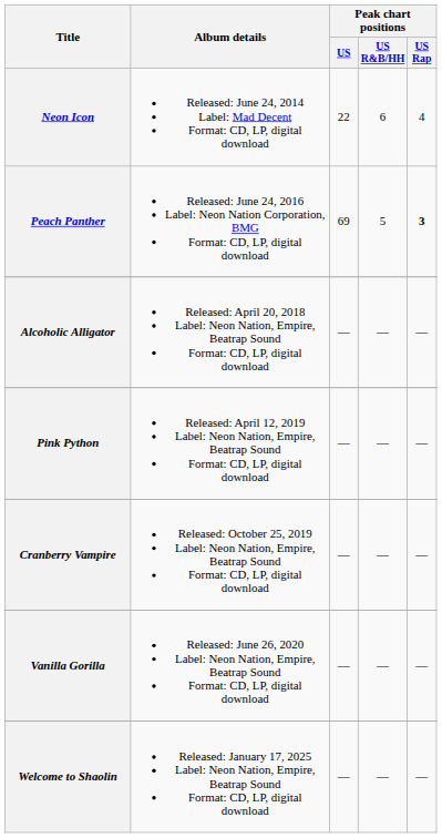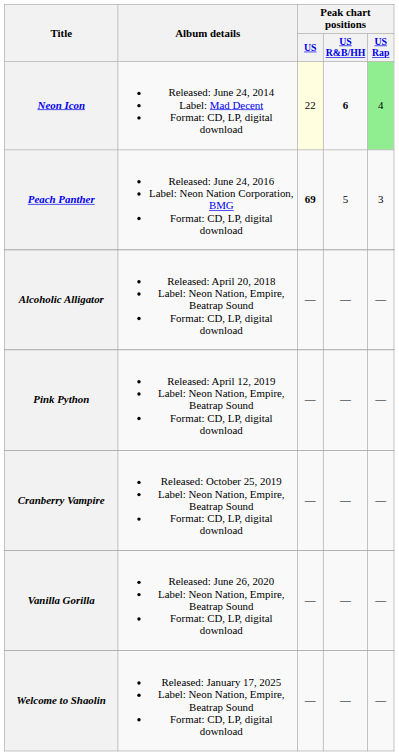 <table class="wikitable plainrowheaders" style="text-align:center;">
 <tr>
 <th scope="col" rowspan="2" style="width:10em;">Title</th>
 <th scope="col" rowspan="2" style="width:16em;">Album details</th>
 <th scope="col" colspan="4">Peak chart positions</th>
 </tr>
 <tr>
 <th scope="col" style="width:2.2em;font-size:90%;"><a href='#'>US</a><br></th>
 <th scope="col" style="width:2.2em;font-size:90%;"><a href='#'>US R&B/HH</a><br></th>
 <th scope="col" style="width:2.2em;font-size:90%;"><a href='#'>US Rap</a><br></th>
 </tr>
 <tr>
 <th scope="row"><em><a href='#'>Neon Icon</a></em></th>
 <td><br><ul><li>Released: June 24, 2014</li><li>Label: <a href='#'>Mad Decent</a></li><li>Format: CD, LP, digital download</li></ul></td>
-<td>22</td>
-<td>6</td>
-<td>4</td>
+<td style="background: lightyellow;">22</td>
+<td><strong>6</strong></td>
+<td style="background: lightgreen;">4</td>
 </tr>
 <tr>
 <th scope="row"><em><a href='#'>Peach Panther</a></em></th>
 <td><br><ul><li>Released: June 24, 2016</li><li>Label: Neon Nation Corporation, <a href='#'>BMG</a></li><li>Format: CD, LP, digital download</li></ul></td>
-<td>69</td>
+<td><strong>69</strong></td>
 <td>5</td>
-<td><strong>3</strong></td>
+<td>3</td>
 </tr>
 <tr>
 </tr>
 <tr>
 <th scope="row"><em>Alcoholic Alligator</em></th>
 <td><br><ul><li>Released: April 20, 2018</li><li>Label: Neon Nation, Empire, Beatrap Sound</li><li>Format: CD, LP, digital download</li></ul></td>
 <td>—</td>
 <td>—</td>
 <td>—</td>
 </tr>
 <tr>
 </tr>
 <tr>
 <th scope="row"><em>Pink Python</em></th>
 <td><br><ul><li>Released: April 12, 2019</li><li>Label: Neon Nation, Empire, Beatrap Sound</li><li>Format: CD, LP, digital download</li></ul></td>
 <td>—</td>
 <td>—</td>
 <td>—</td>
 </tr>
 <tr>
 </tr>
 <tr>
 <th scope="row"><em>Cranberry Vampire</em></th>
 <td><br><ul><li>Released: October 25, 2019</li><li>Label: Neon Nation, Empire, Beatrap Sound</li><li>Format: CD, LP, digital download</li></ul></td>
 <td>—</td>
 <td>—</td>
 <td>—</td>
 </tr>
 <tr>
 </tr>
 <tr>
 <th scope="row"><em>Vanilla Gorilla</em></th>
 <td><br><ul><li>Released: June 26, 2020</li><li>Label: Neon Nation, Empire, Beatrap Sound</li><li>Format: CD, LP, digital download</li></ul></td>
 <td>—</td>
 <td>—</td>
 <td>—</td>
 </tr>
 <tr>
 </tr>
 <tr>
 <th scope="row"><em>Welcome to Shaolin</em></th>
 <td><br><ul><li>Released: January 17, 2025</li><li>Label: Neon Nation, Empire, Beatrap Sound</li><li>Format: CD, LP, digital download</li></ul></td>
 <td>—</td>
 <td>—</td>
 <td>—</td>
 </tr>
 </table>
